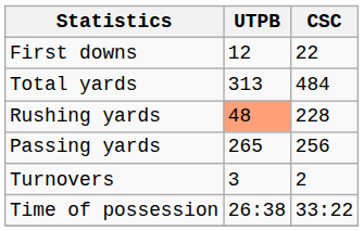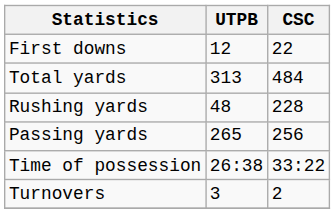 <table class="wikitable" style="float: left;">
 <tr>
 <th>Statistics</th>
 <th>UTPB</th>
 <th>CSC</th>
 </tr>
 <tr>
 <td>First downs</td>
 <td>12</td>
 <td>22</td>
 </tr>
 <tr>
 <td>Total yards</td>
 <td>313</td>
 <td>484</td>
 </tr>
 <tr>
 <td>Rushing yards</td>
-<td style="background: lightsalmon;">48</td>
+<td>48</td>
 <td>228</td>
 </tr>
 <tr>
 <td>Passing yards</td>
 <td>265</td>
 <td>256</td>
 </tr>
 <tr>
+<td>Time of possession</td>
+<td>26:38</td>
+<td>33:22</td>
+</tr>
+<tr>
 <td>Turnovers</td>
 <td>3</td>
 <td>2</td>
 </tr>
 <tr>
-<td>Time of possession</td>
-<td>26:38</td>
-<td>33:22</td>
-</tr>
-<tr>
 </tr>
 </table>
